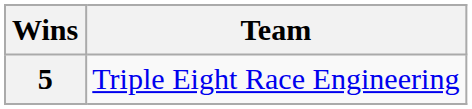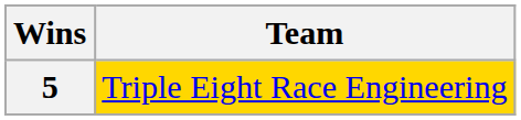 <table class="wikitable" style="font-size: 95%;">
 <tr>
 <th>Wins</th>
 <th>Team</th>
 </tr>
 <tr>
 <th>5</th>
-<td><a href='#'>Triple Eight Race Engineering</a></td>
+<td style="background: gold;"><a href='#'>Triple Eight Race Engineering</a></td>
 </tr>
 </table>
